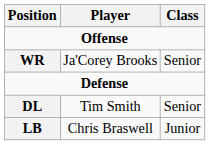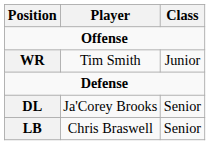 <table class="wikitable">
 <tr>
 <th>Position</th>
 <th>Player</th>
 <th>Class</th>
 </tr>
 <tr>
 <td colspan="4" style="text-align:center; "><strong>Offense</strong></td>
 </tr>
 <tr style="text-align:center;">
 <th rowspan="1">WR</th>
-<td>Ja'Corey Brooks</td>
-<td>Senior</td>
+<td>Tim Smith</td>
+<td>Junior</td>
 </tr>
 <tr>
 <td colspan="4" style="text-align:center; "><strong>Defense</strong></td>
 </tr>
 <tr style="text-align:center;">
 <th rowspan="1">DL</th>
-<td>Tim Smith</td>
+<td>Ja'Corey Brooks</td>
 <td>Senior</td>
 </tr>
 <tr style="text-align:center;">
 <th rowspan="1">LB</th>
 <td>Chris Braswell</td>
-<td>Junior</td>
+<td>Senior</td>
 </tr>
 </table>
